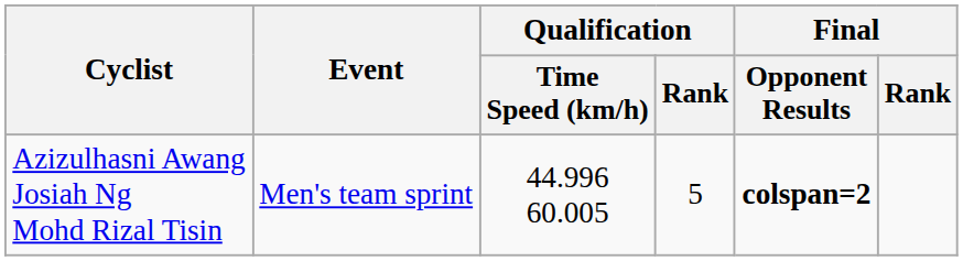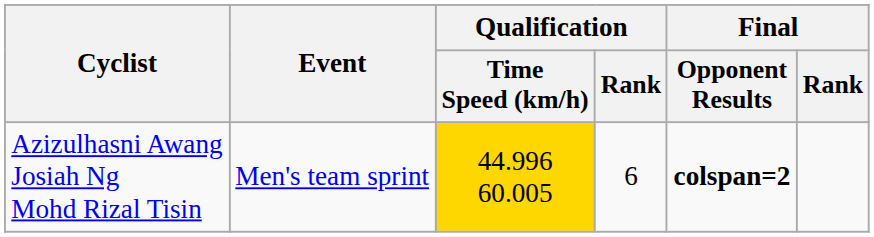 <table class="wikitable" style="font-size:90%">
 <tr>
 <th rowspan=2>Cyclist</th>
 <th rowspan=2>Event</th>
 <th colspan=2>Qualification</th>
 <th colspan=2>Final</th>
 </tr>
 <tr style="font-size:95%">
 <th>Time<br>Speed (km/h)</th>
 <th>Rank</th>
 <th>Opponent<br>Results</th>
 <th>Rank</th>
 </tr>
 <tr align=center>
 <td align=left><a href='#'>Azizulhasni Awang</a><br><a href='#'>Josiah Ng</a><br><a href='#'>Mohd Rizal Tisin</a></td>
 <td align=left><a href='#'>Men's team sprint</a></td>
-<td>44.996<br>60.005</td>
-<td>5</td>
+<td style="background: gold;">44.996<br>60.005</td>
+<td>6</td>
 <td><strong>colspan=2 </strong></td>
 </tr>
 </table>
